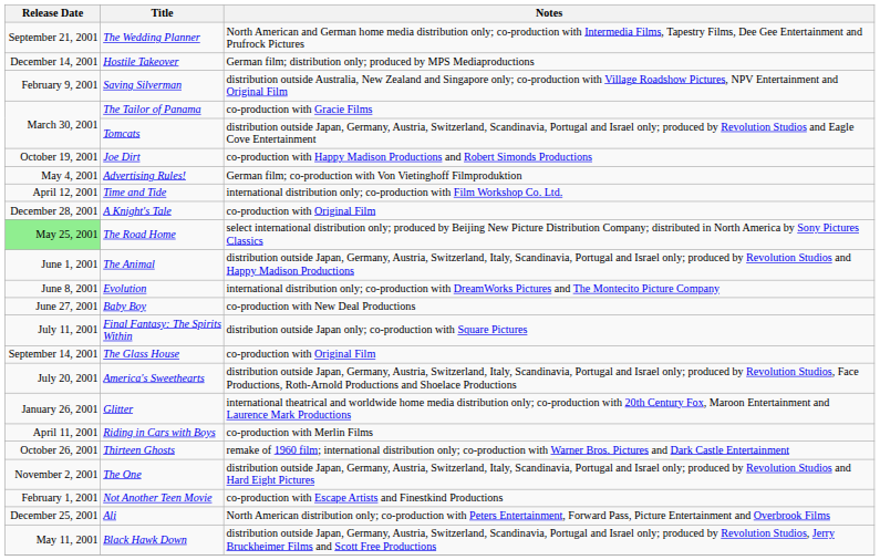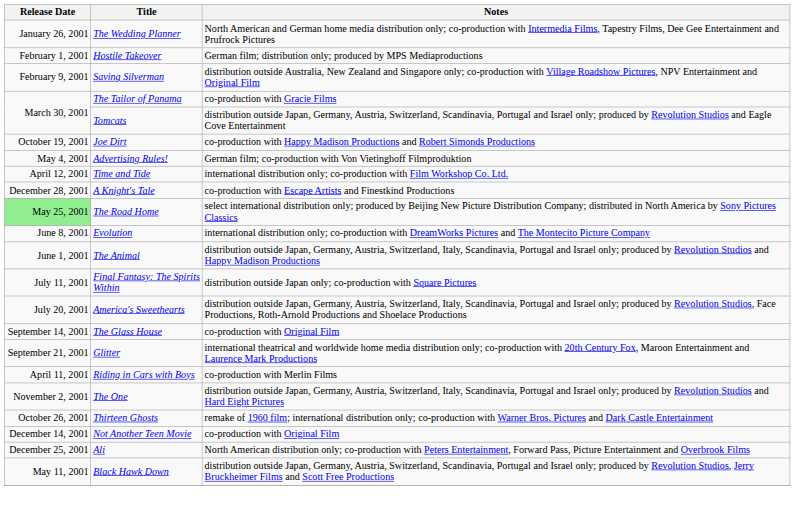 <table class="wikitable sortable">
 <tr>
 <th scope="col" style="width:130px;">Release Date</th>
 <th>Title</th>
 <th>Notes</th>
 </tr>
 <tr>
-<td style="text-align:right;">September 21, 2001</td>
+<td style="text-align:right;">January 26, 2001</td>
 <td><em><a href='#'>The Wedding Planner</a></em></td>
 <td>North American and German home media distribution only;  co-production with <a href='#'>Intermedia Films</a>, Tapestry Films, Dee Gee Entertainment and Prufrock Pictures</td>
 </tr>
 <tr>
-<td style="text-align:right;">December 14, 2001</td>
+<td style="text-align:right;">February 1, 2001</td>
 <td><em><a href='#'>Hostile Takeover</a></em></td>
 <td>German film; distribution only; produced by MPS Mediaproductions</td>
 </tr>
 <tr>
 <td style="text-align:right;">February 9, 2001</td>
 <td><em><a href='#'>Saving Silverman</a></em></td>
 <td>distribution outside Australia, New Zealand and Singapore only; co-production with <a href='#'>Village Roadshow Pictures</a>, NPV Entertainment and <a href='#'>Original Film</a></td>
 </tr>
 <tr>
 <td style="text-align:right;" rowspan="2">March 30, 2001</td>
 <td><em><a href='#'>The Tailor of Panama</a></em></td>
 <td>co-production with <a href='#'>Gracie Films</a></td>
 </tr>
 <tr>
 <td><em><a href='#'>Tomcats</a></em></td>
 <td>distribution outside Japan, Germany, Austria, Switzerland, Scandinavia, Portugal and Israel only; produced by <a href='#'>Revolution Studios</a> and Eagle Cove Entertainment</td>
 </tr>
 <tr>
 <td style="text-align:right;">October 19, 2001</td>
 <td><em><a href='#'>Joe Dirt</a></em></td>
 <td>co-production with <a href='#'>Happy Madison Productions</a> and <a href='#'>Robert Simonds Productions</a></td>
 </tr>
 <tr>
 <td style="text-align:right;">May 4, 2001</td>
 <td><em><a href='#'>Advertising Rules!</a></em></td>
 <td>German film; co-production with Von Vietinghoff Filmproduktion</td>
 </tr>
 <tr>
 <td style="text-align:right;">April 12, 2001</td>
 <td><em><a href='#'>Time and Tide</a></em></td>
 <td>international distribution only; co-production with <a href='#'>Film Workshop Co. Ltd.</a></td>
 </tr>
 <tr>
 <td style="text-align:right;">December 28, 2001</td>
 <td><em><a href='#'>A Knight's Tale</a></em></td>
-<td>co-production with <a href='#'>Original Film</a></td>
+<td>co-production with <a href='#'>Escape Artists</a> and Finestkind Productions</td>
 </tr>
 <tr>
 <td style="background: lightgreen; text-align:right;">May 25, 2001</td>
 <td><em><a href='#'>The Road Home</a></em></td>
 <td>select international distribution only; produced by Beijing New Picture Distribution Company; distributed in North America by <a href='#'>Sony Pictures Classics</a></td>
 </tr>
 <tr>
-<td style="text-align:right;">June 1, 2001</td>
-<td><em><a href='#'>The Animal</a></em></td>
-<td>distribution outside Japan, Germany, Austria, Switzerland, Italy, Scandinavia, Portugal and Israel only; produced by <a href='#'>Revolution Studios</a> and <a href='#'>Happy Madison Productions</a></td>
-</tr>
-<tr>
 <td style="text-align:right;">June 8, 2001</td>
 <td><em><a href='#'>Evolution</a></em></td>
 <td>international distribution only; co-production with <a href='#'>DreamWorks Pictures</a> and <a href='#'>The Montecito Picture Company</a></td>
 </tr>
 <tr>
-<td style="text-align:right;">June 27, 2001</td>
-<td><em><a href='#'>Baby Boy</a></em></td>
-<td>co-production with New Deal Productions</td>
+<td style="text-align:right;">June 1, 2001</td>
+<td><em><a href='#'>The Animal</a></em></td>
+<td>distribution outside Japan, Germany, Austria, Switzerland, Italy, Scandinavia, Portugal and Israel only; produced by <a href='#'>Revolution Studios</a> and <a href='#'>Happy Madison Productions</a></td>
 </tr>
 <tr>
 <td style="text-align:right;">July 11, 2001</td>
 <td><em><a href='#'>Final Fantasy: The Spirits Within</a></em></td>
 <td>distribution outside Japan only; co-production with <a href='#'>Square Pictures</a></td>
 </tr>
 <tr>
+<td style="text-align:right;">July 20, 2001</td>
+<td><em><a href='#'>America's Sweethearts</a></em></td>
+<td>distribution outside Japan, Germany, Austria, Switzerland, Italy, Scandinavia, Portugal and Israel only; produced by <a href='#'>Revolution Studios</a>, Face Productions, Roth-Arnold Productions and Shoelace Productions</td>
+</tr>
+<tr>
 <td style="text-align:right;">September 14, 2001</td>
 <td><em><a href='#'>The Glass House</a></em></td>
 <td>co-production with <a href='#'>Original Film</a></td>
 </tr>
 <tr>
-<td style="text-align:right;">July 20, 2001</td>
-<td><em><a href='#'>America's Sweethearts</a></em></td>
-<td>distribution outside Japan, Germany, Austria, Switzerland, Italy, Scandinavia, Portugal and Israel only; produced by <a href='#'>Revolution Studios</a>, Face Productions, Roth-Arnold Productions and Shoelace Productions</td>
-</tr>
-<tr>
-<td style="text-align:right;">January 26, 2001</td>
+<td style="text-align:right;">September 21, 2001</td>
 <td><em><a href='#'>Glitter</a></em></td>
 <td>international theatrical and worldwide home media distribution only; co-production with <a href='#'>20th Century Fox</a>, Maroon Entertainment and <a href='#'>Laurence Mark Productions</a></td>
 </tr>
 <tr>
 <td style="text-align:right;">April 11, 2001</td>
 <td><em><a href='#'>Riding in Cars with Boys</a></em></td>
 <td>co-production with Merlin Films</td>
 </tr>
 <tr>
+<td style="text-align:right;">November 2, 2001</td>
+<td><em><a href='#'>The One</a></em></td>
+<td>distribution outside Japan, Germany, Austria, Switzerland, Italy, Scandinavia, Portugal and Israel only; produced by <a href='#'>Revolution Studios</a> and <a href='#'>Hard Eight Pictures</a></td>
+</tr>
+<tr>
 <td style="text-align:right;">October 26, 2001</td>
 <td><em><a href='#'>Thirteen Ghosts</a></em></td>
 <td>remake of <a href='#'>1960 film</a>; international distribution only; co-production with <a href='#'>Warner Bros. Pictures</a> and <a href='#'>Dark Castle Entertainment</a></td>
 </tr>
 <tr>
-<td style="text-align:right;">November 2, 2001</td>
-<td><em><a href='#'>The One</a></em></td>
-<td>distribution outside Japan, Germany, Austria, Switzerland, Italy, Scandinavia, Portugal and Israel only; produced by <a href='#'>Revolution Studios</a> and <a href='#'>Hard Eight Pictures</a></td>
-</tr>
-<tr>
-<td style="text-align:right;">February 1, 2001</td>
+<td style="text-align:right;">December 14, 2001</td>
 <td><em><a href='#'>Not Another Teen Movie</a></em></td>
-<td>co-production with <a href='#'>Escape Artists</a> and Finestkind Productions</td>
+<td>co-production with <a href='#'>Original Film</a></td>
 </tr>
 <tr>
 <td style="text-align:right;">December 25, 2001</td>
 <td><em><a href='#'>Ali</a></em></td>
 <td>North American distribution only; co-production with <a href='#'>Peters Entertainment</a>, Forward Pass, Picture Entertainment and <a href='#'>Overbrook Films</a></td>
 </tr>
 <tr>
 <td style="text-align:right;">May 11, 2001</td>
 <td><em><a href='#'>Black Hawk Down</a></em></td>
 <td>distribution outside Japan, Germany, Austria, Switzerland, Scandinavia, Portugal and Israel only; produced by <a href='#'>Revolution Studios</a>, <a href='#'>Jerry Bruckheimer Films</a> and <a href='#'>Scott Free Productions</a></td>
 </tr>
 <tr>
 </tr>
 </table>
